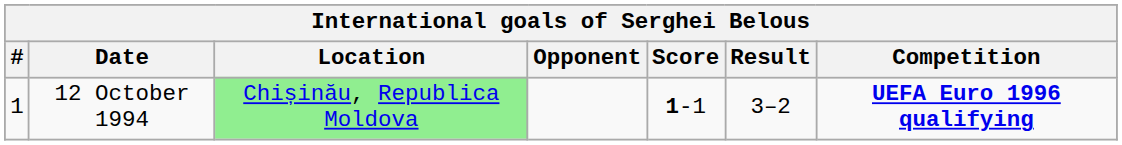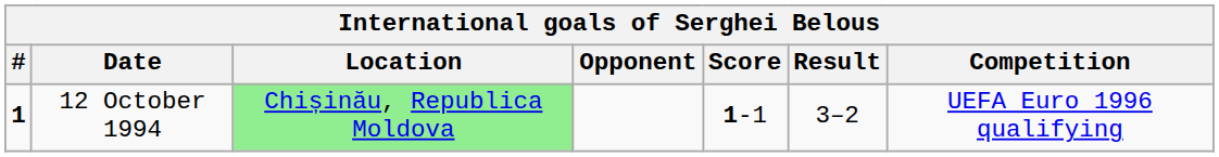 <table class="wikitable" style="text-align:center; font-size:95%;">
 <tr>
 <th colspan=7>International goals of Serghei Belous</th>
 </tr>
 <tr>
 <th>#</th>
 <th>Date</th>
 <th>Location</th>
 <th>Opponent</th>
 <th>Score</th>
 <th>Result</th>
 <th>Competition</th>
 </tr>
 <tr>
-<td>1</td>
+<td><strong>1</strong></td>
 <td>12 October 1994</td>
 <td style="background: lightgreen;"><a href='#'>Chișinău</a>, <a href='#'>Republica Moldova</a></td>
 <td></td>
 <td><strong>1</strong>-1</td>
 <td>3–2</td>
-<td><strong><a href='#'>UEFA Euro 1996 qualifying</a></strong></td>
+<td><a href='#'>UEFA Euro 1996 qualifying</a></td>
 </tr>
 </table>
